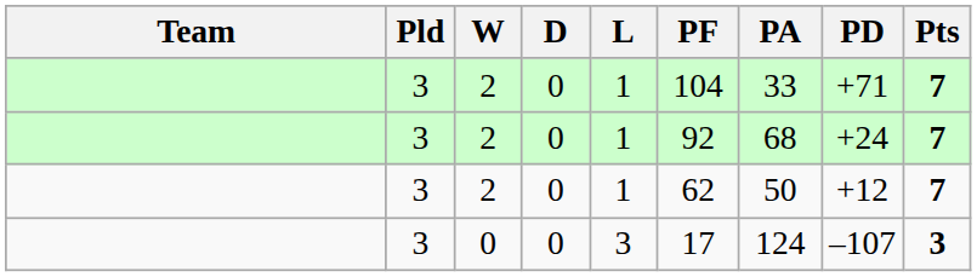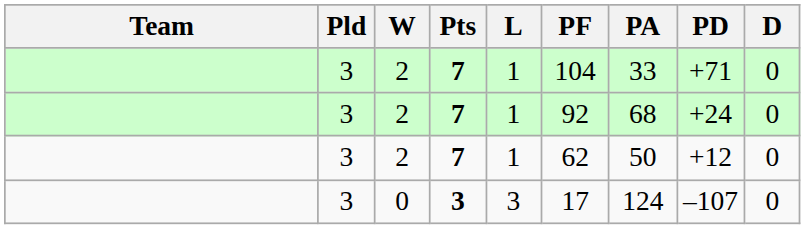 <table class="wikitable" style="text-align:center;">
 <tr>
 <th width=175>Team</th>
 <th width=25 abbr="Played">Pld</th>
 <th width=25 abbr="Won">W</th>
-<th width=25 abbr="Drawn">D</th>
+<th width=25 abbr="Points">Pts</th>
 <th width=25 abbr="Lost">L</th>
 <th width=32 abbr="Points for">PF</th>
 <th width=32 abbr="Points against">PA</th>
 <th width=32 abbr="Points difference">PD</th>
-<th width=25 abbr="Points">Pts</th>
+<th width=25 abbr="Drawn">D</th>
 </tr>
 <tr bgcolor=ccffcc>
 <td align=left></td>
 <td>3</td>
 <td>2</td>
-<td>0</td>
+<td><strong>7</strong></td>
 <td>1</td>
 <td>104</td>
 <td>33</td>
 <td>+71</td>
-<td><strong>7</strong></td>
+<td>0</td>
 </tr>
 <tr bgcolor=ccffcc>
 <td align=left></td>
 <td>3</td>
 <td>2</td>
-<td>0</td>
+<td><strong>7</strong></td>
 <td>1</td>
 <td>92</td>
 <td>68</td>
 <td>+24</td>
-<td><strong>7</strong></td>
+<td>0</td>
 </tr>
 <tr>
 <td align=left></td>
 <td>3</td>
 <td>2</td>
-<td>0</td>
+<td><strong>7</strong></td>
 <td>1</td>
 <td>62</td>
 <td>50</td>
 <td>+12</td>
-<td><strong>7</strong></td>
+<td>0</td>
 </tr>
 <tr>
 <td align=left></td>
 <td>3</td>
 <td>0</td>
-<td>0</td>
+<td><strong>3</strong></td>
 <td>3</td>
 <td>17</td>
 <td>124</td>
 <td>–107</td>
-<td><strong>3</strong></td>
+<td>0</td>
 </tr>
 </table>
